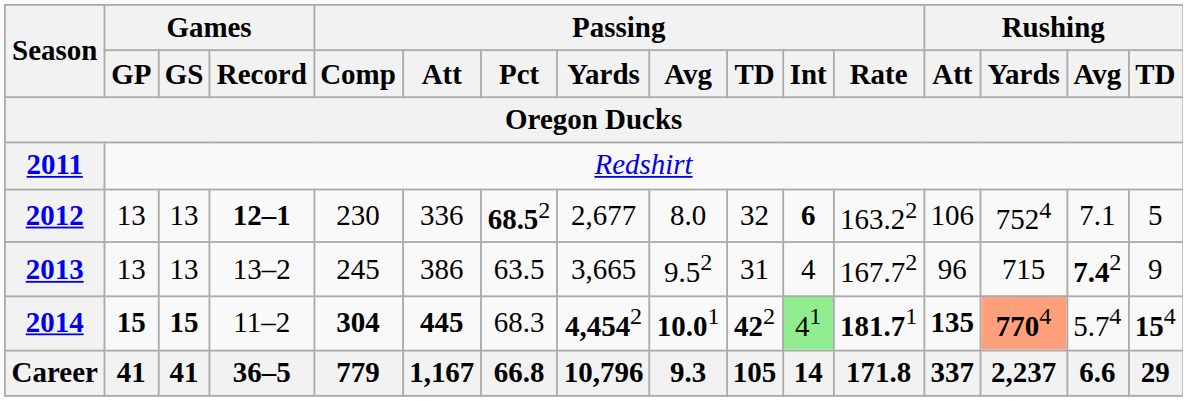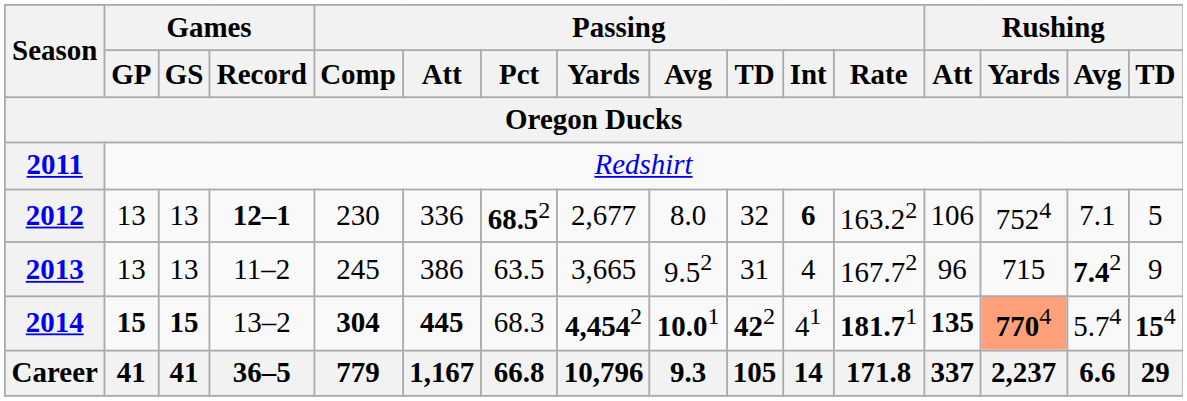 <table class="wikitable" style="text-align:center;">
 <tr>
 <th rowspan="2">Season</th>
 <th colspan="3">Games</th>
 <th colspan="8">Passing</th>
 <th colspan="5">Rushing</th>
 </tr>
 <tr>
 <th>GP</th>
 <th>GS</th>
 <th>Record</th>
 <th>Comp</th>
 <th>Att</th>
 <th>Pct</th>
 <th>Yards</th>
 <th>Avg</th>
 <th>TD</th>
 <th>Int</th>
 <th>Rate</th>
 <th>Att</th>
 <th>Yards</th>
 <th>Avg</th>
 <th>TD</th>
 </tr>
 <tr>
 <th colspan="16">Oregon Ducks</th>
 </tr>
 <tr>
 <th><a href='#'>2011</a></th>
 <td colspan="15"> <em><a href='#'>Redshirt</a></em></td>
 </tr>
 <tr>
 <th><a href='#'>2012</a></th>
 <td>13</td>
 <td>13</td>
 <td><strong>12–1</strong></td>
 <td>230</td>
 <td>336</td>
 <td><strong>68.5</strong><sup>2</sup></td>
 <td>2,677</td>
 <td>8.0</td>
 <td>32</td>
 <td><strong>6</strong></td>
 <td>163.2<sup>2</sup></td>
 <td>106</td>
 <td>752<sup>4</sup></td>
 <td>7.1</td>
 <td>5</td>
 </tr>
 <tr>
 <th><a href='#'>2013</a></th>
 <td>13</td>
 <td>13</td>
-<td>13–2</td>
+<td>11–2</td>
 <td>245</td>
 <td>386</td>
 <td>63.5</td>
 <td>3,665</td>
 <td>9.5<sup>2</sup></td>
 <td>31</td>
 <td>4</td>
 <td>167.7<sup>2</sup></td>
 <td>96</td>
 <td>715</td>
 <td><strong>7.4</strong><sup>2</sup></td>
 <td>9</td>
 </tr>
 <tr>
 <th><a href='#'>2014</a></th>
 <td><strong>15</strong></td>
 <td><strong>15</strong></td>
-<td>11–2</td>
+<td>13–2</td>
 <td><strong>304</strong></td>
 <td><strong>445</strong></td>
 <td>68.3</td>
 <td><strong>4,454</strong><sup>2</sup></td>
 <td><strong>10.0</strong><sup>1</sup></td>
 <td><strong>42</strong><sup>2</sup></td>
-<td style="background: lightgreen;">4<sup>1</sup></td>
+<td>4<sup>1</sup></td>
 <td><strong>181.7</strong><sup>1</sup></td>
 <td><strong>135</strong></td>
 <td style="background: lightsalmon;"><strong>770</strong><sup>4</sup></td>
 <td>5.7<sup>4</sup></td>
 <td><strong>15</strong><sup>4</sup></td>
 </tr>
 <tr>
 <th>Career</th>
 <th>41</th>
 <th>41</th>
 <th>36–5</th>
 <th>779</th>
 <th>1,167</th>
 <th>66.8</th>
 <th>10,796</th>
 <th>9.3</th>
 <th>105</th>
 <th>14</th>
 <th>171.8</th>
 <th>337</th>
 <th>2,237</th>
 <th>6.6</th>
 <th>29</th>
 </tr>
 </table>
